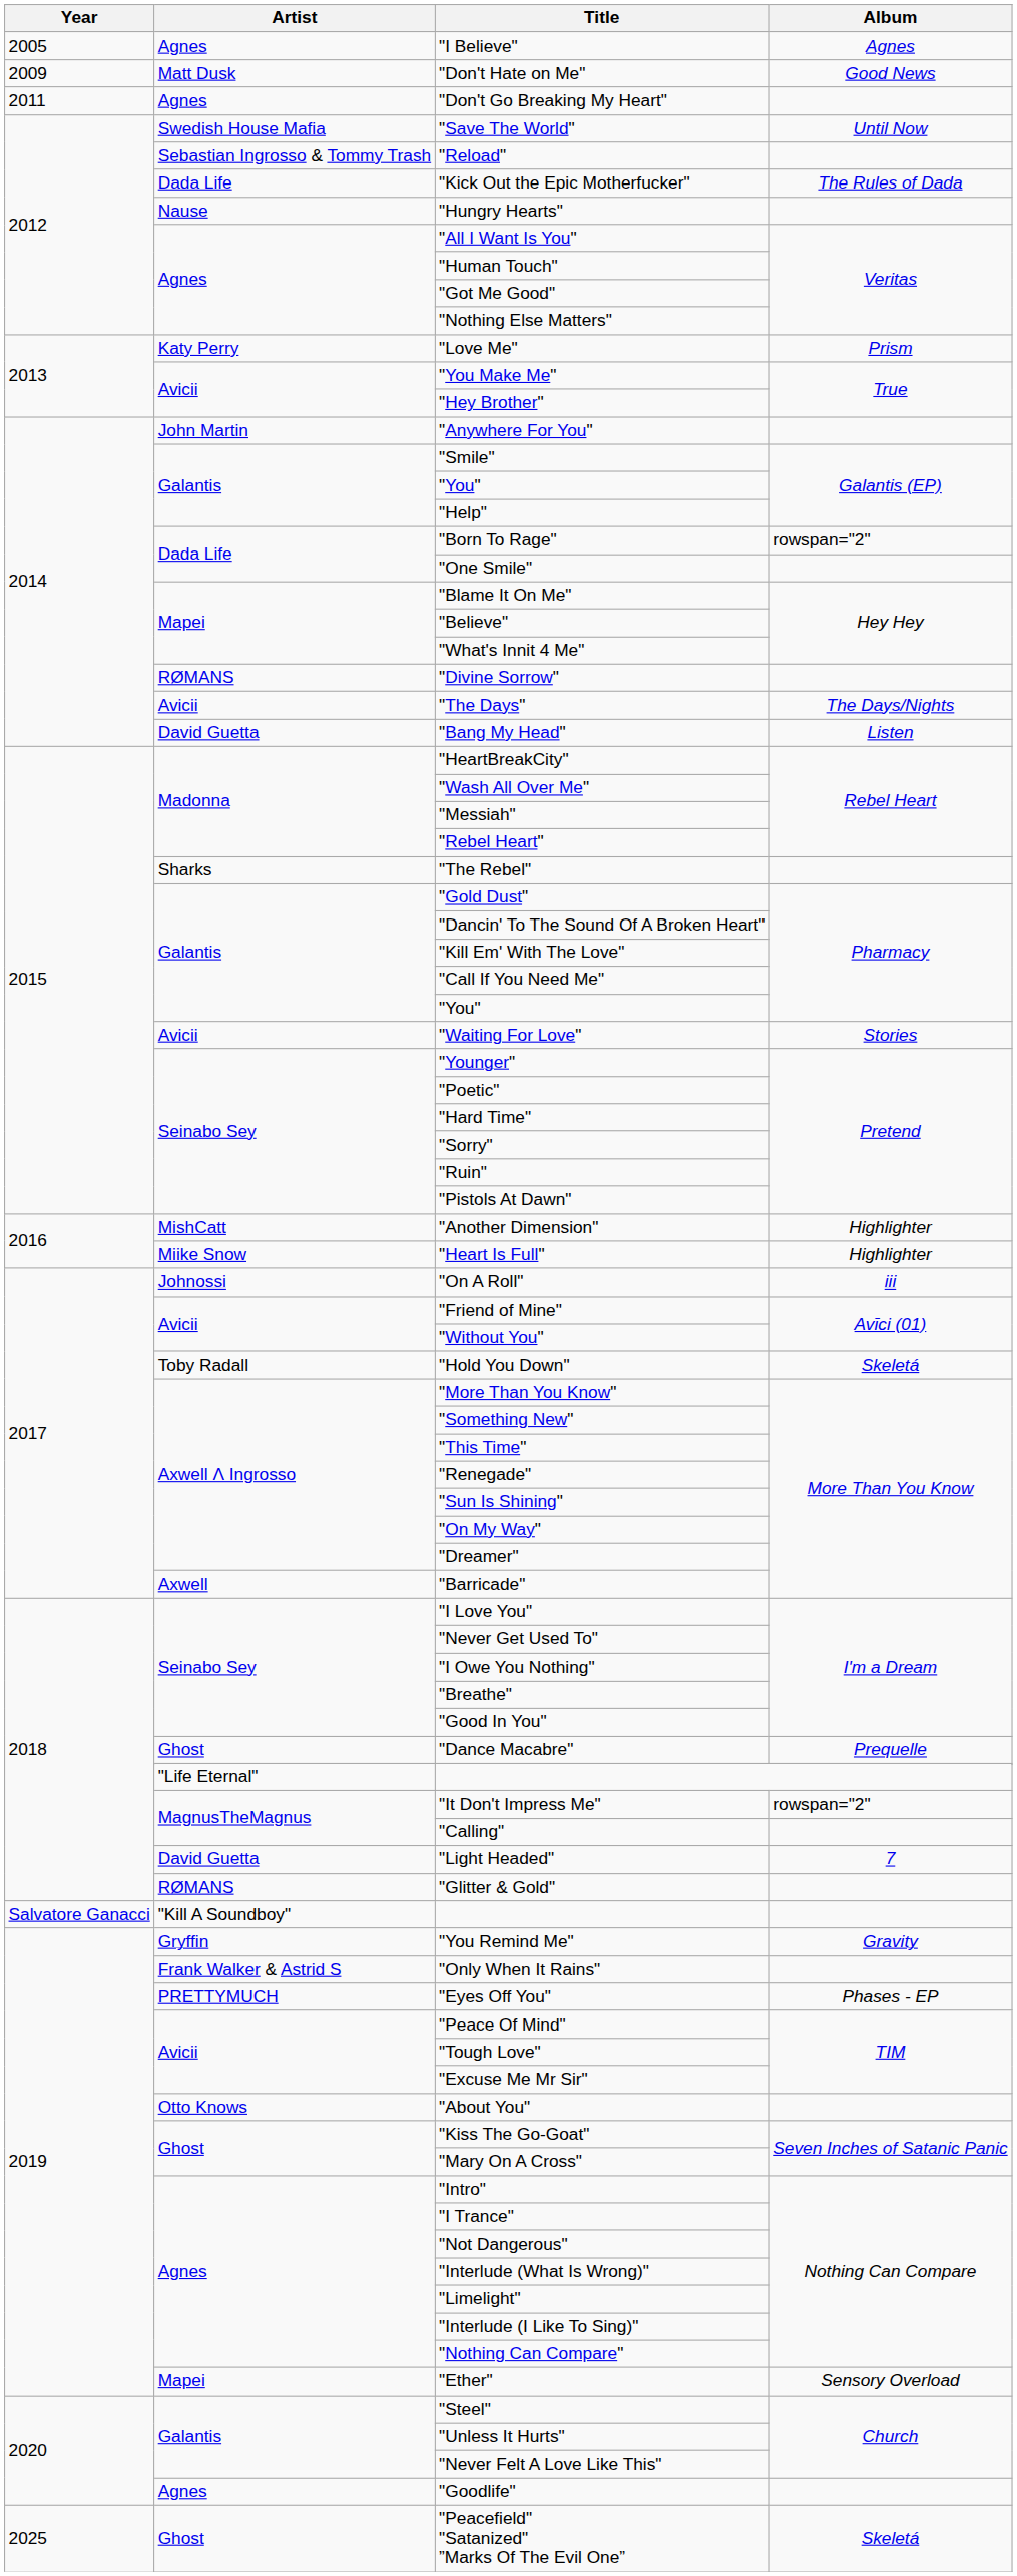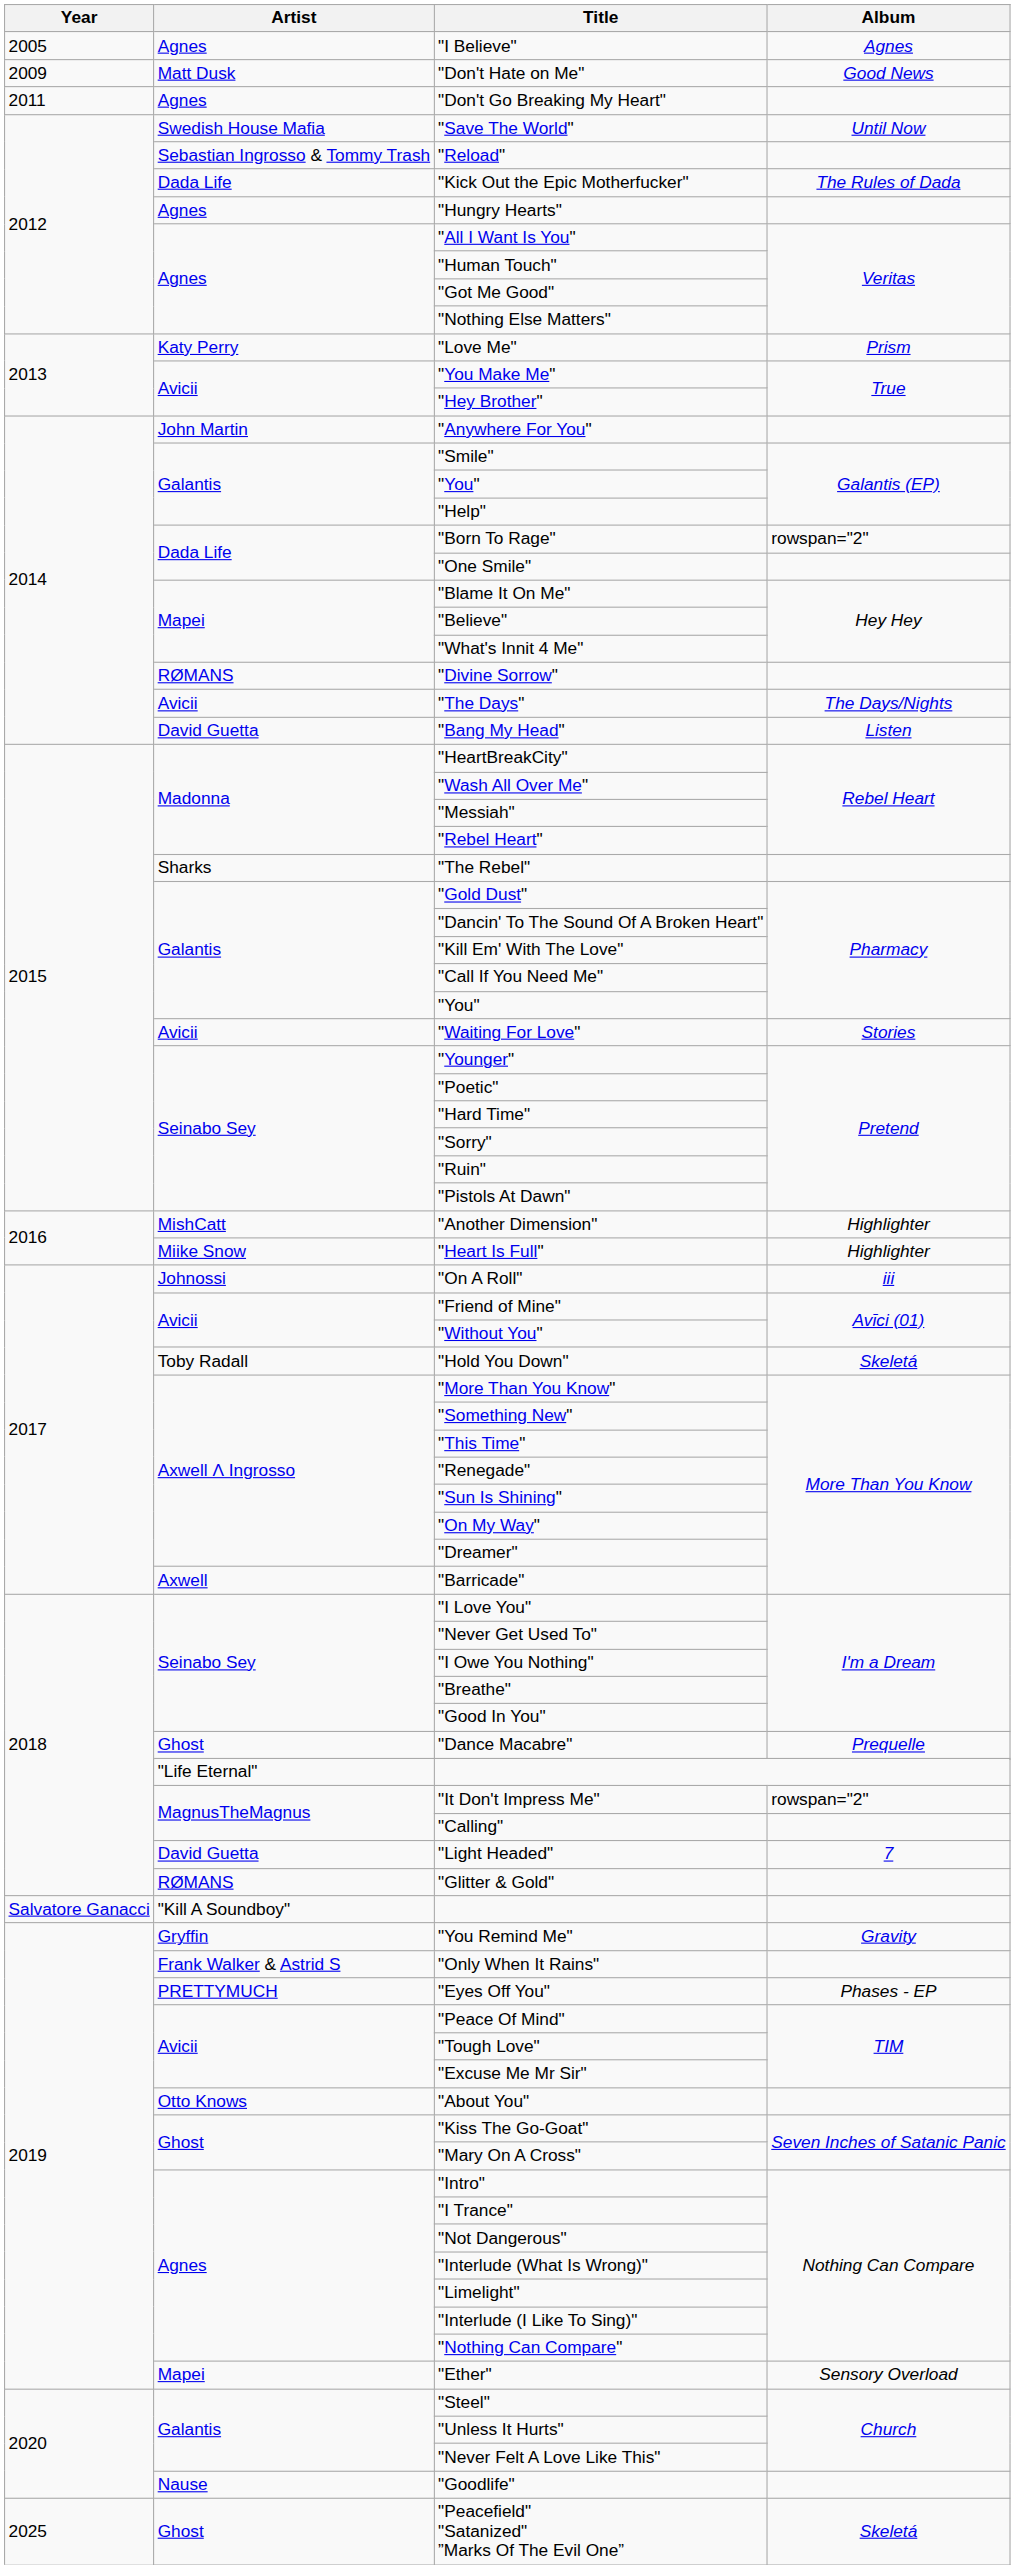 <table class="wikitable">
 <tr>
 <th>Year</th>
 <th>Artist</th>
 <th>Title</th>
 <th>Album</th>
 </tr>
 <tr>
 <td>2005</td>
 <td><a href='#'>Agnes</a></td>
 <td>"I Believe"</td>
 <td style="text-align:center;"><em><a href='#'>Agnes</a></em></td>
 </tr>
 <tr>
 <td>2009</td>
 <td><a href='#'>Matt Dusk</a></td>
 <td>"Don't Hate on Me"</td>
 <td style="text-align:center;"><em><a href='#'>Good News</a></em></td>
 </tr>
 <tr>
 <td>2011</td>
 <td><a href='#'>Agnes</a></td>
 <td>"Don't Go Breaking My Heart"</td>
 <td></td>
 </tr>
 <tr>
 <td rowspan="8">2012</td>
 <td><a href='#'>Swedish House Mafia</a></td>
 <td>"<a href='#'>Save The World</a>"</td>
 <td style="text-align:center;"><em><a href='#'>Until Now</a></em></td>
 </tr>
 <tr>
 <td><a href='#'>Sebastian Ingrosso</a> & <a href='#'>Tommy Trash</a></td>
 <td>"<a href='#'>Reload</a>"</td>
 <td></td>
 </tr>
 <tr>
 <td><a href='#'>Dada Life</a></td>
 <td>"Kick Out the Epic Motherfucker"</td>
 <td style="text-align:center;"><em><a href='#'>The Rules of Dada</a></em></td>
 </tr>
 <tr>
-<td><a href='#'>Nause</a></td>
+<td><a href='#'>Agnes</a></td>
 <td>"Hungry Hearts"</td>
 <td></td>
 </tr>
 <tr>
 <td rowspan="4"><a href='#'>Agnes</a></td>
 <td>"<a href='#'>All I Want Is You</a>"</td>
 <td rowspan="4" style="text-align:center;"><em><a href='#'>Veritas</a></em></td>
 </tr>
 <tr>
 <td>"Human Touch"</td>
 </tr>
 <tr>
 <td>"Got Me Good"</td>
 </tr>
 <tr>
 <td>"Nothing Else Matters"</td>
 </tr>
 <tr>
 <td rowspan="3">2013</td>
 <td><a href='#'>Katy Perry</a></td>
 <td>"Love Me"</td>
 <td style="text-align:center;"><em><a href='#'>Prism</a></em></td>
 </tr>
 <tr>
 <td rowspan="2"><a href='#'>Avicii</a></td>
 <td>"<a href='#'>You Make Me</a>"</td>
 <td rowspan="2" style="text-align:center;"><em><a href='#'>True</a></em></td>
 </tr>
 <tr>
 <td>"<a href='#'>Hey Brother</a>"</td>
 </tr>
 <tr>
 <td rowspan="12">2014</td>
 <td><a href='#'>John Martin</a></td>
 <td>"<a href='#'>Anywhere For You</a>"</td>
 <td></td>
 </tr>
 <tr>
 <td rowspan="3"><a href='#'>Galantis</a></td>
 <td>"Smile"</td>
 <td rowspan="3" style="text-align:center;"><em><a href='#'>Galantis (EP)</a></em></td>
 </tr>
 <tr>
 <td>"<a href='#'>You</a>"</td>
 </tr>
 <tr>
 <td>"Help"</td>
 </tr>
 <tr>
 <td rowspan="2"><a href='#'>Dada Life</a></td>
 <td>"Born To Rage"</td>
 <td>rowspan="2" </td>
 </tr>
 <tr>
 <td>"One Smile"</td>
 </tr>
 <tr>
 <td rowspan="3"><a href='#'>Mapei</a></td>
 <td>"Blame It On Me"</td>
 <td rowspan="3" style="text-align:center;"><em>Hey Hey</em></td>
 </tr>
 <tr>
 <td>"Believe"</td>
 </tr>
 <tr>
 <td>"What's Innit 4 Me"</td>
 </tr>
 <tr>
 <td><a href='#'>RØMANS</a></td>
 <td>"<a href='#'>Divine Sorrow</a>"<br></td>
 <td></td>
 </tr>
 <tr>
 <td><a href='#'>Avicii</a></td>
 <td>"<a href='#'>The Days</a>"</td>
 <td style="text-align:center;"><em><a href='#'>The Days/Nights</a></em></td>
 </tr>
 <tr>
 <td><a href='#'>David Guetta</a></td>
 <td>"<a href='#'>Bang My Head</a>" <br></td>
 <td style="text-align:center;"><em><a href='#'>Listen</a></em></td>
 </tr>
 <tr>
 <td rowspan="17">2015</td>
 <td rowspan="4"><a href='#'>Madonna</a></td>
 <td>"HeartBreakCity"</td>
 <td rowspan="4" style="text-align:center;"><em><a href='#'>Rebel Heart</a></em></td>
 </tr>
 <tr>
 <td>"<a href='#'>Wash All Over Me</a>"</td>
 </tr>
 <tr>
 <td>"Messiah"</td>
 </tr>
 <tr>
 <td>"<a href='#'>Rebel Heart</a>"</td>
 </tr>
 <tr>
 <td>Sharks</td>
 <td>"The Rebel"</td>
 <td></td>
 </tr>
 <tr>
 <td rowspan="5"><a href='#'>Galantis</a></td>
 <td>"<a href='#'>Gold Dust</a>"</td>
 <td rowspan="5" style="text-align:center;"><em><a href='#'>Pharmacy</a></em></td>
 </tr>
 <tr>
 <td>"Dancin' To The Sound Of A Broken Heart"</td>
 </tr>
 <tr>
 <td>"Kill Em' With The Love"</td>
 </tr>
 <tr>
 <td>"Call If You Need Me"</td>
 </tr>
 <tr>
 <td>"You"</td>
 </tr>
 <tr>
 <td><a href='#'>Avicii</a></td>
 <td>"<a href='#'>Waiting For Love</a>"</td>
 <td style="text-align:center;"><em><a href='#'>Stories</a></em></td>
 </tr>
 <tr>
 <td rowspan="6"><a href='#'>Seinabo Sey</a></td>
 <td>"<a href='#'>Younger</a>"</td>
 <td rowspan="6" style="text-align:center;"><em><a href='#'>Pretend</a></em></td>
 </tr>
 <tr>
 <td>"Poetic"</td>
 </tr>
 <tr>
 <td>"Hard Time"</td>
 </tr>
 <tr>
 <td>"Sorry"</td>
 </tr>
 <tr>
 <td>"Ruin"</td>
 </tr>
 <tr>
 <td>"Pistols At Dawn"</td>
 </tr>
 <tr>
 <td rowspan="2">2016</td>
 <td><a href='#'>MishCatt</a></td>
 <td>"Another Dimension"</td>
 <td style="text-align:center;"><em>Highlighter</em></td>
 </tr>
 <tr>
 <td><a href='#'>Miike Snow</a></td>
 <td>"<a href='#'>Heart Is Full</a>"</td>
 <td style="text-align:center;"><em>Highlighter</em></td>
 </tr>
 <tr>
 <td rowspan="12">2017</td>
 <td><a href='#'>Johnossi</a></td>
 <td>"On A Roll"</td>
 <td style="text-align:center;"><em><a href='#'>iii</a></em></td>
 </tr>
 <tr>
 <td rowspan="2"><a href='#'>Avicii</a></td>
 <td>"Friend of Mine"<br></td>
 <td rowspan="2" style="text-align:center;"><em><a href='#'>Avīci (01)</a></em></td>
 </tr>
 <tr>
 <td>"<a href='#'>Without You</a>"<br></td>
 </tr>
 <tr>
 <td>Toby Radall</td>
 <td>"Hold You Down"</td>
 <td style="text-align:center;"><em><a href='#'>Skeletá</a></em></td>
 </tr>
 <tr>
 <td rowspan="7"><a href='#'>Axwell Ʌ Ingrosso</a></td>
 <td>"<a href='#'>More Than You Know</a>"</td>
 <td rowspan="8" style="text-align:center;"><em><a href='#'>More Than You Know</a></em></td>
 </tr>
 <tr>
 <td>"<a href='#'>Something New</a>"</td>
 </tr>
 <tr>
 <td>"<a href='#'>This Time</a>"</td>
 </tr>
 <tr>
 <td>"Renegade"</td>
 </tr>
 <tr>
 <td>"<a href='#'>Sun Is Shining</a>"</td>
 </tr>
 <tr>
 <td>"<a href='#'>On My Way</a>"</td>
 </tr>
 <tr>
 <td>"Dreamer"</td>
 </tr>
 <tr>
 <td><a href='#'>Axwell</a></td>
 <td>"Barricade"</td>
 </tr>
 <tr>
 <td rowspan="12">2018</td>
 <td rowspan="5"><a href='#'>Seinabo Sey</a></td>
 <td>"I Love You"</td>
 <td rowspan="5" style="text-align:center;"><em><a href='#'>I'm a Dream</a></em></td>
 </tr>
 <tr>
 <td>"Never Get Used To"</td>
 </tr>
 <tr>
 <td>"I Owe You Nothing"</td>
 </tr>
 <tr>
 <td>"Breathe"</td>
 </tr>
 <tr>
 <td>"Good In You"</td>
 </tr>
 <tr>
 <td rowspan="2"><a href='#'>Ghost</a></td>
 <td>"Dance Macabre"</td>
 <td rowspan="2" style="text-align:center;"><em><a href='#'>Prequelle</a></em></td>
 </tr>
 <tr>
 </tr>
 <tr>
 <td>"Life Eternal"</td>
 </tr>
 <tr>
 <td rowspan="2"><a href='#'>MagnusTheMagnus</a></td>
 <td>"It Don't Impress Me"<br></td>
 <td>rowspan="2" </td>
 </tr>
 <tr>
 <td>"Calling"<br></td>
 </tr>
 <tr>
 <td><a href='#'>David Guetta</a></td>
 <td>"Light Headed" <br></td>
 <td style="text-align:center;"><em><a href='#'>7</a></em></td>
 </tr>
 <tr>
 <td><a href='#'>RØMANS</a></td>
 <td>"Glitter & Gold"</td>
 <td></td>
 </tr>
 <tr>
 <td><a href='#'>Salvatore Ganacci</a></td>
 <td>"Kill A Soundboy" <br></td>
 <td></td>
 </tr>
 <tr>
 <td rowspan="17">2019</td>
 <td><a href='#'>Gryffin</a></td>
 <td>"You Remind Me" <br></td>
 <td style="text-align:center;"><em><a href='#'>Gravity</a></em></td>
 </tr>
 <tr>
 <td><a href='#'>Frank Walker</a> & <a href='#'>Astrid S</a></td>
 <td>"Only When It Rains"</td>
 <td></td>
 </tr>
 <tr>
 <td><a href='#'>PRETTYMUCH</a></td>
 <td>"Eyes Off You"</td>
 <td style="text-align:center;"><em>Phases - EP</em></td>
 </tr>
 <tr>
 <td rowspan="3"><a href='#'>Avicii</a></td>
 <td>"Peace Of Mind" <br></td>
 <td rowspan="3" style="text-align:center;"><em><a href='#'>TIM</a></em></td>
 </tr>
 <tr>
 <td>"Tough Love"<br></td>
 </tr>
 <tr>
 <td>"Excuse Me Mr Sir"<br></td>
 </tr>
 <tr>
 <td><a href='#'>Otto Knows</a></td>
 <td>"About You"</td>
 <td></td>
 </tr>
 <tr>
 <td rowspan="2"><a href='#'>Ghost</a></td>
 <td>"Kiss The Go-Goat"</td>
 <td rowspan="2" style="text-align:center;"><em><a href='#'>Seven Inches of Satanic Panic</a></em></td>
 </tr>
 <tr>
 <td>"Mary On A Cross"</td>
 </tr>
 <tr>
 <td rowspan="7"><a href='#'>Agnes</a></td>
 <td>"Intro"</td>
 <td rowspan="7" style="text-align:center;"><em>Nothing Can Compare</em></td>
 </tr>
 <tr>
 <td>"I Trance"</td>
 </tr>
 <tr>
 <td>"Not Dangerous"</td>
 </tr>
 <tr>
 <td>"Interlude (What Is Wrong)"</td>
 </tr>
 <tr>
 <td>"Limelight"</td>
 </tr>
 <tr>
 <td>"Interlude (I Like To Sing)"</td>
 </tr>
 <tr>
 <td>"<a href='#'>Nothing Can Compare</a>"</td>
 </tr>
 <tr>
 <td><a href='#'>Mapei</a></td>
 <td>"Ether"</td>
 <td style="text-align:center;"><em>Sensory Overload</em></td>
 </tr>
 <tr>
 <td rowspan="4">2020</td>
 <td rowspan="3"><a href='#'>Galantis</a></td>
 <td>"Steel"</td>
 <td rowspan="3" style="text-align:center;"><em><a href='#'>Church</a></em></td>
 </tr>
 <tr>
 <td>"Unless It Hurts"</td>
 </tr>
 <tr>
 <td>"Never Felt A Love Like This"<br></td>
 </tr>
 <tr>
-<td><a href='#'>Agnes</a></td>
+<td><a href='#'>Nause</a></td>
 <td>"Goodlife"</td>
 <td></td>
 </tr>
 <tr>
 <td rowspan="2">2025</td>
 <td><a href='#'>Ghost</a></td>
 <td>"Peacefield"<br>"Satanized"<br>”Marks Of The Evil One”</td>
 <td style="text-align:center;"><em><a href='#'>Skeletá</a></em></td>
 </tr>
 <tr>
 </tr>
 </table>
